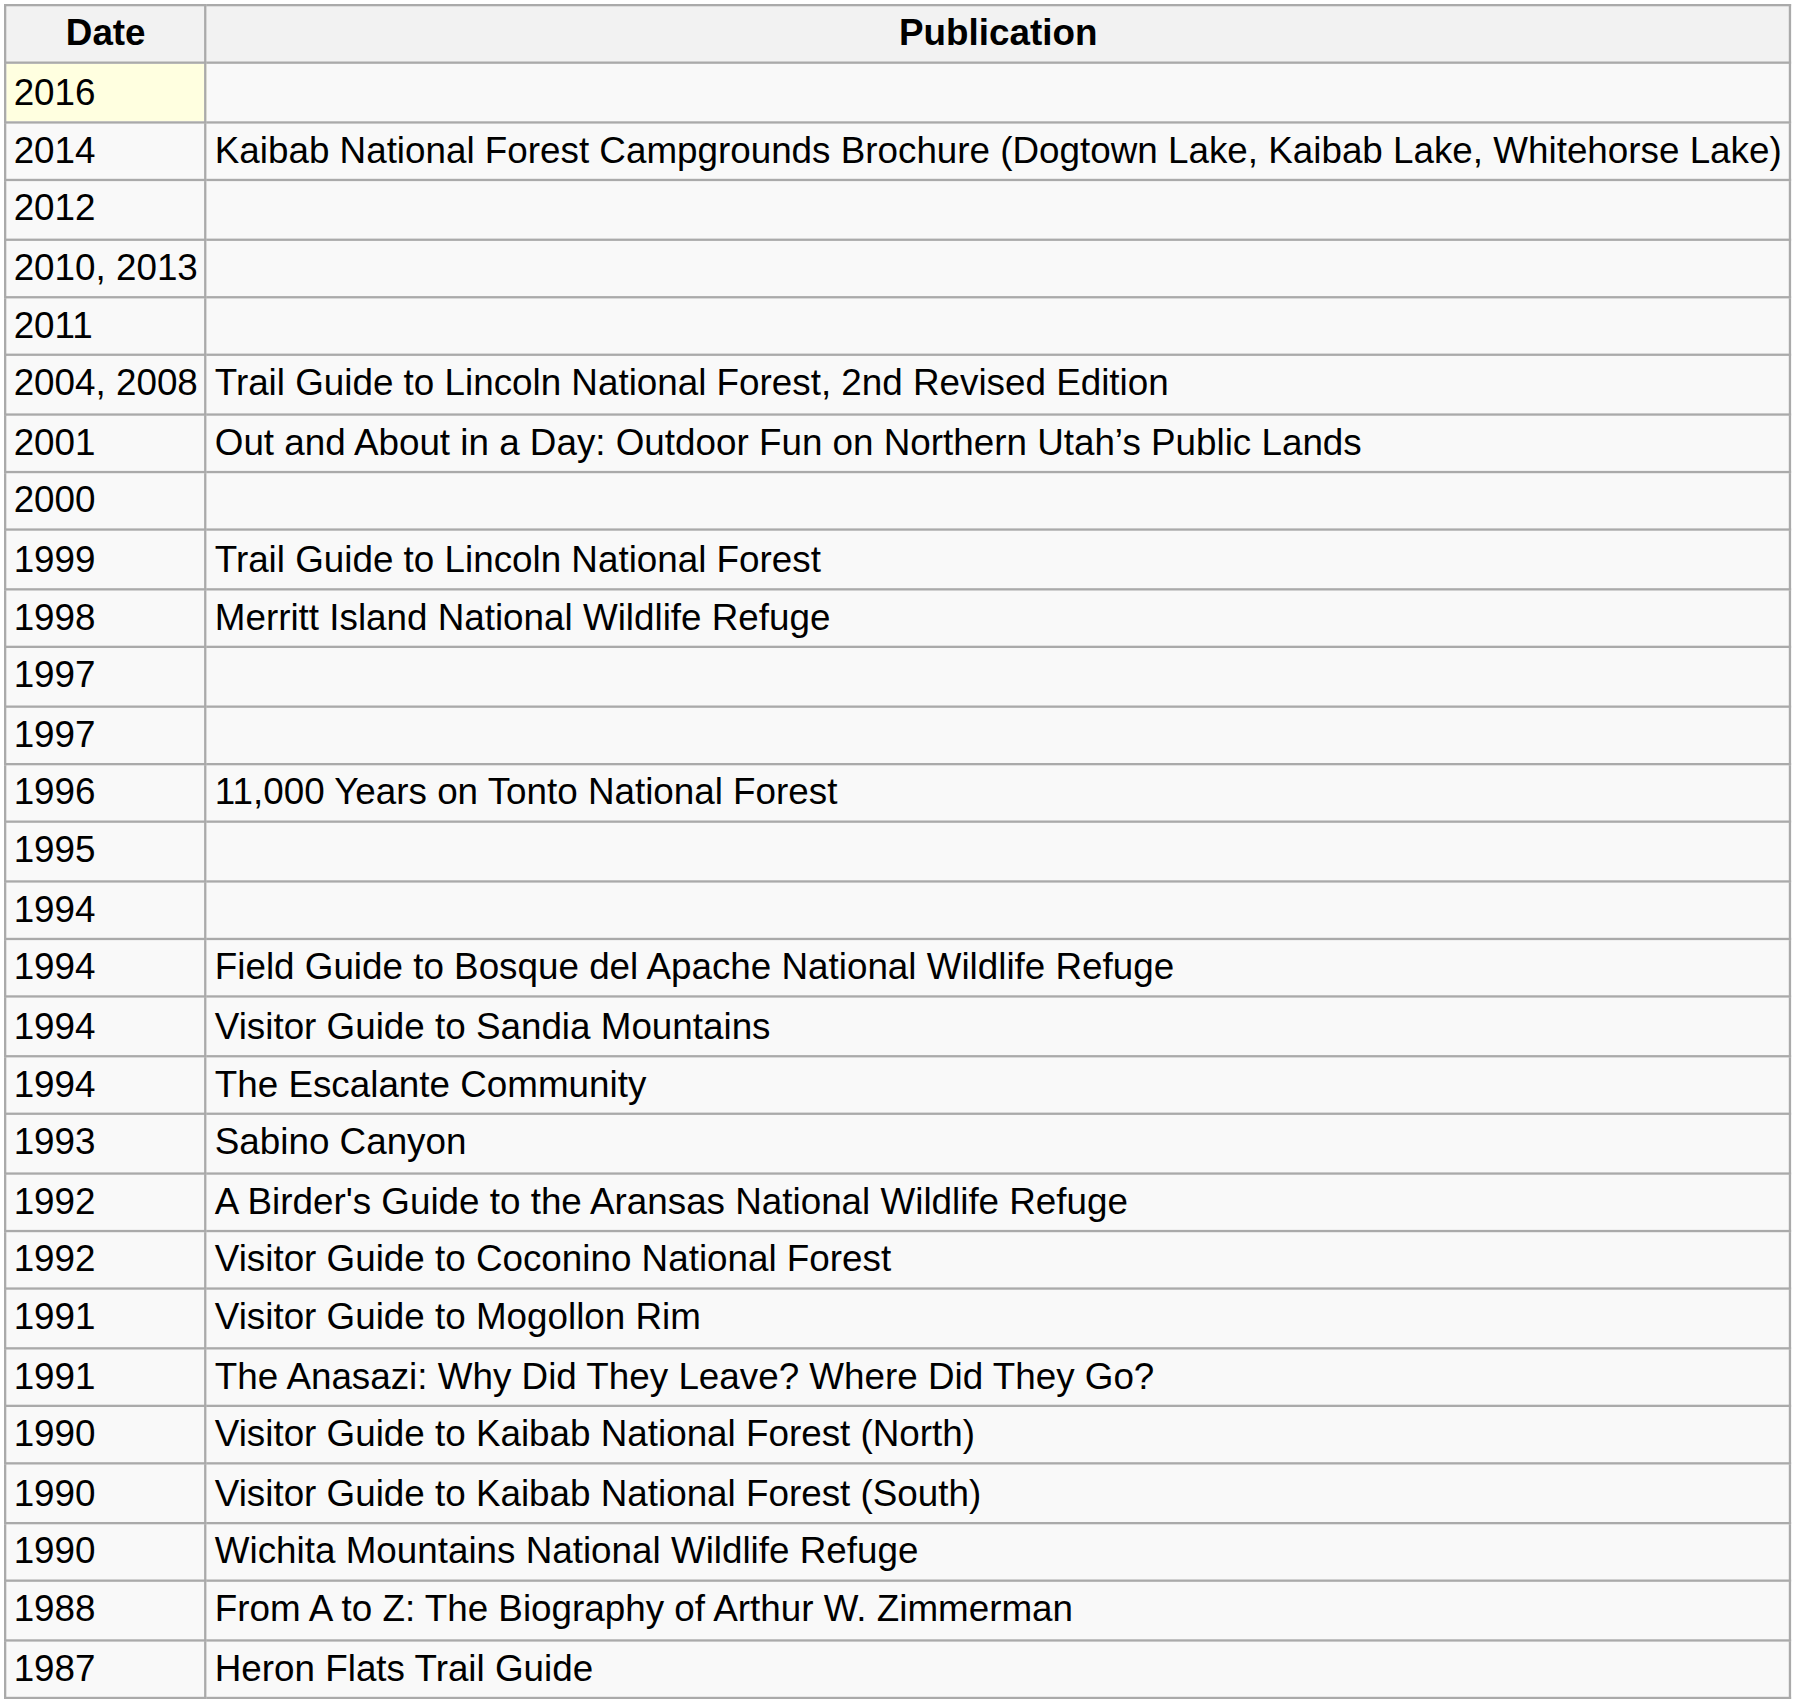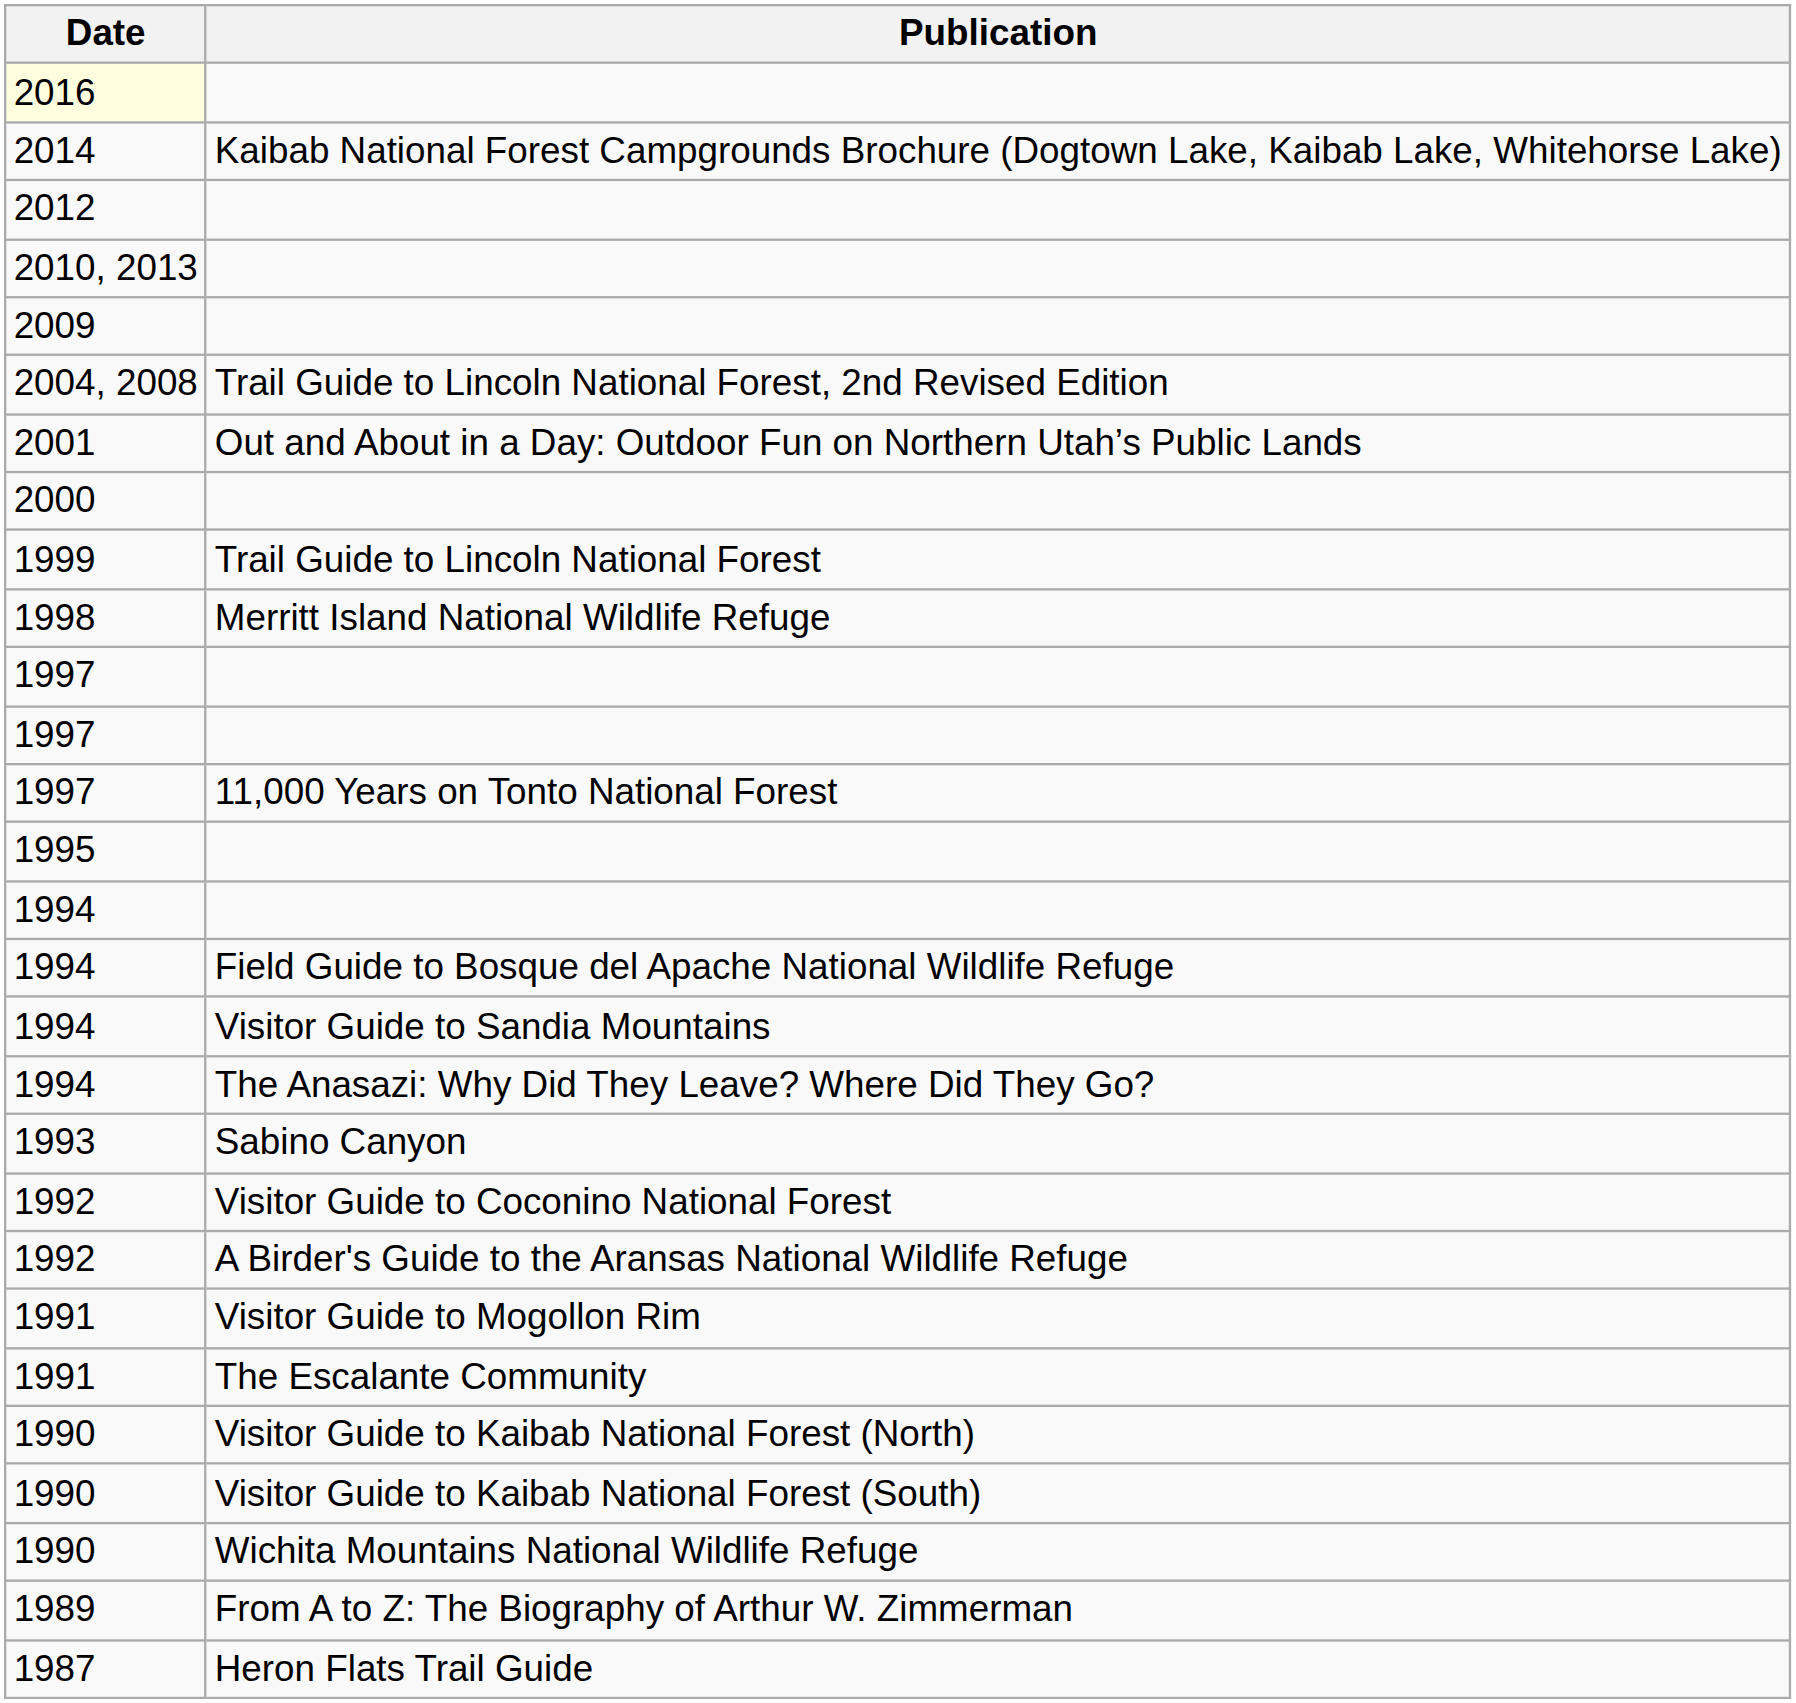 <table class="wikitable">
 <tr>
 <th>Date</th>
 <th>Publication</th>
 </tr>
 <tr>
 <td style="background: lightyellow;">2016</td>
 <td></td>
 </tr>
 <tr>
 <td>2014</td>
 <td>Kaibab National Forest Campgrounds Brochure (Dogtown Lake, Kaibab Lake, Whitehorse Lake)</td>
 </tr>
 <tr>
 <td>2012</td>
 <td></td>
 </tr>
 <tr>
 <td>2010, 2013</td>
 <td></td>
 </tr>
 <tr>
-<td>2011</td>
+<td>2009</td>
 <td></td>
 </tr>
 <tr>
 <td>2004, 2008</td>
 <td>Trail Guide to Lincoln National Forest, 2nd Revised Edition</td>
 </tr>
 <tr>
 <td>2001</td>
 <td>Out and About in a Day: Outdoor Fun on Northern Utah’s Public Lands</td>
 </tr>
 <tr>
 <td>2000</td>
 <td></td>
 </tr>
 <tr>
 <td>1999</td>
 <td>Trail Guide to Lincoln National Forest</td>
 </tr>
 <tr>
 <td>1998</td>
 <td>Merritt Island National Wildlife Refuge</td>
 </tr>
 <tr>
 <td>1997</td>
 <td></td>
 </tr>
 <tr>
 <td>1997</td>
 <td></td>
 </tr>
 <tr>
-<td>1996</td>
+<td>1997</td>
 <td>11,000 Years on Tonto National Forest</td>
 </tr>
 <tr>
 <td>1995</td>
 <td></td>
 </tr>
 <tr>
 <td>1994</td>
 <td></td>
 </tr>
 <tr>
 <td>1994</td>
 <td>Field Guide to Bosque del Apache National Wildlife Refuge</td>
 </tr>
 <tr>
 <td>1994</td>
 <td>Visitor Guide to Sandia Mountains</td>
 </tr>
 <tr>
 <td>1994</td>
-<td>The Escalante Community</td>
+<td>The Anasazi: Why Did They Leave? Where Did They Go?</td>
 </tr>
 <tr>
 <td>1993</td>
 <td>Sabino Canyon</td>
 </tr>
 <tr>
 <td>1992</td>
-<td>A Birder's Guide to the Aransas National Wildlife Refuge</td>
+<td>Visitor Guide to Coconino National Forest</td>
 </tr>
 <tr>
 <td>1992</td>
-<td>Visitor Guide to Coconino National Forest</td>
+<td>A Birder's Guide to the Aransas National Wildlife Refuge</td>
 </tr>
 <tr>
 <td>1991</td>
 <td>Visitor Guide to Mogollon Rim</td>
 </tr>
 <tr>
 <td>1991</td>
-<td>The Anasazi: Why Did They Leave? Where Did They Go?</td>
+<td>The Escalante Community</td>
 </tr>
 <tr>
 <td>1990</td>
 <td>Visitor Guide to Kaibab National Forest (North)</td>
 </tr>
 <tr>
 <td>1990</td>
 <td>Visitor Guide to Kaibab National Forest (South)</td>
 </tr>
 <tr>
 <td>1990</td>
 <td>Wichita Mountains National Wildlife Refuge</td>
 </tr>
 <tr>
-<td>1988</td>
+<td>1989</td>
 <td>From A to Z: The Biography of Arthur W. Zimmerman</td>
 </tr>
 <tr>
 <td>1987</td>
 <td>Heron Flats Trail Guide</td>
 </tr>
 </table>
